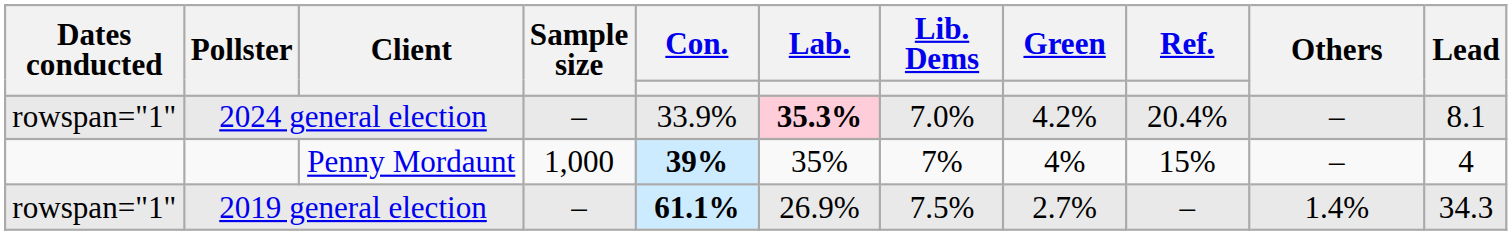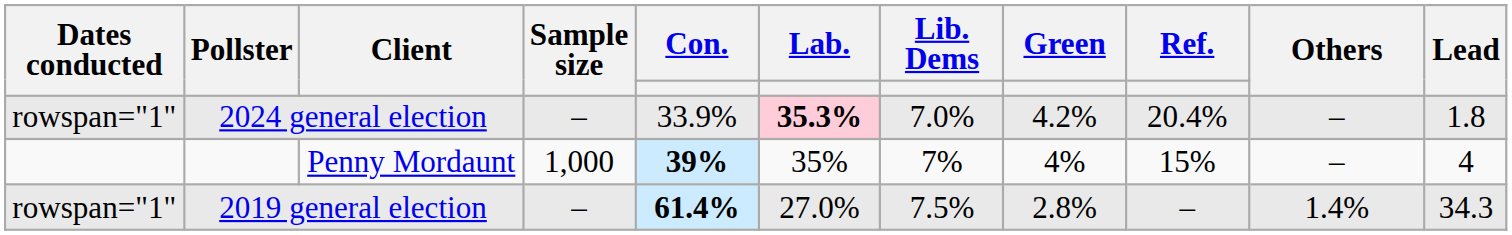 <table class="wikitable sortable mw-datatable" style="text-align:center; font-size:90%; line-height:14px;">
 <tr>
 <th rowspan="2">Dates<br>conducted</th>
 <th rowspan="2">Pollster</th>
 <th rowspan="2">Client</th>
 <th rowspan="2" data-sort-type="number">Sample<br>size</th>
 <th class="unsortable" style="width:50px;"><a href='#'>Con.</a></th>
 <th class="unsortable" style="width:50px;"><a href='#'>Lab.</a></th>
 <th class="unsortable" style="width:50px;"><a href='#'>Lib. Dems</a></th>
 <th class="unsortable" style="width:50px;"><a href='#'>Green</a></th>
 <th class="unsortable" style="width:50px;"><a href='#'>Ref.</a></th>
 <th rowspan="2" class="unsortable" style="width:75px;">Others</th>
 <th rowspan="2" data-sort-type="number">Lead</th>
 </tr>
 <tr>
 <th data-sort-type="number" style="background:"></th>
 <th data-sort-type="number" style="background:"></th>
 <th data-sort-type="number" style="background:"></th>
 <th data-sort-type="number" style="background:"></th>
 <th data-sort-type="number" style="background:"></th>
 </tr>
 <tr style="background:#e9e9e9;">
 <td>rowspan="1" </td>
 <td colspan="2" rowspan="1"><a href='#'>2024 general election</a></td>
 <td>–</td>
 <td>33.9%</td>
 <td style="background:#FFCCD9;"><strong>35.3%</strong></td>
 <td>7.0%</td>
 <td>4.2%</td>
 <td>20.4%</td>
 <td>–</td>
-<td style="background:">8.1</td>
+<td style="background:">1.8</td>
 </tr>
 <tr>
 <td></td>
 <td></td>
 <td><a href='#'>Penny Mordaunt</a></td>
 <td>1,000</td>
 <td style="background:#CCEBFF;"><strong>39%</strong></td>
 <td>35%</td>
 <td>7%</td>
 <td>4%</td>
 <td>15%</td>
 <td>–</td>
 <td style="background:">4</td>
 </tr>
 <tr style="background:#e9e9e9;">
 <td>rowspan="1" </td>
 <td colspan="2" rowspan="1"><a href='#'>2019 general election</a></td>
 <td>–</td>
-<td style="background:#CCEBFF;"><strong>61.1%</strong></td>
-<td>26.9%</td>
+<td style="background:#CCEBFF;"><strong>61.4%</strong></td>
+<td>27.0%</td>
 <td>7.5%</td>
-<td>2.7%</td>
+<td>2.8%</td>
 <td>–</td>
 <td>1.4%</td>
 <td style="background:">34.3</td>
 </tr>
 </table>
